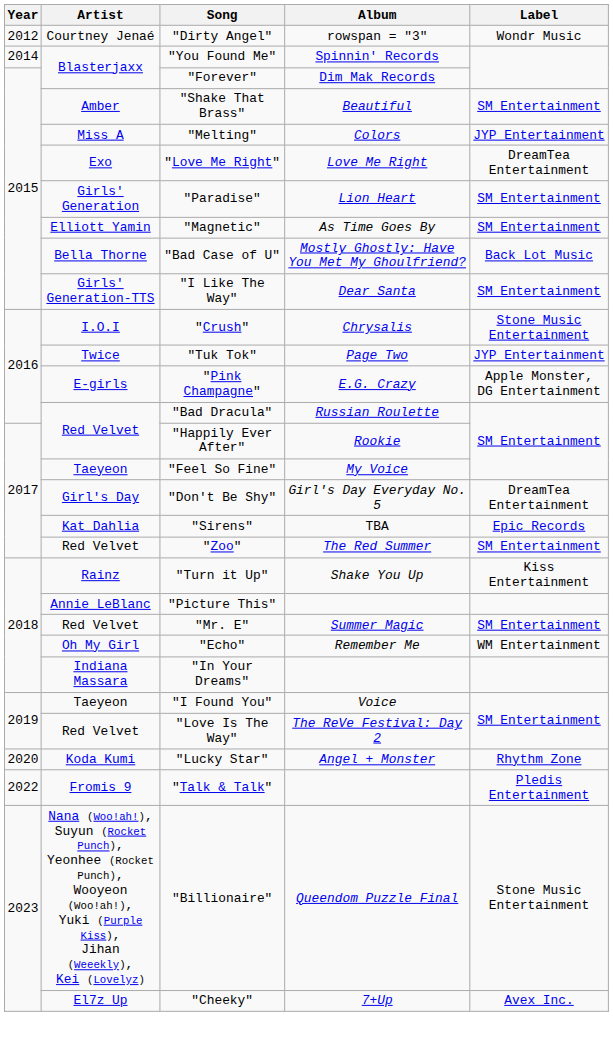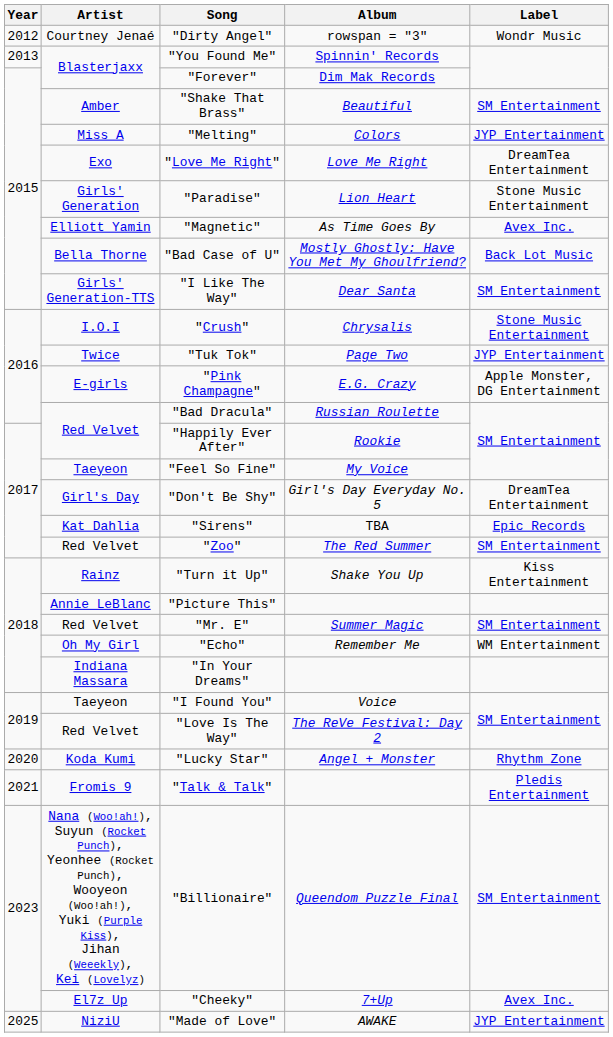 <table class="wikitable sortable plainrowheaders" style="text-align:center;">
 <tr>
 <th scope="col">Year</th>
 <th scope="col">Artist</th>
 <th scope="col">Song</th>
 <th scope="col">Album</th>
 <th scope="col">Label</th>
 </tr>
 <tr>
 <td>2012</td>
 <td>Courtney Jenaé</td>
 <td>"Dirty Angel"</td>
 <td>rowspan = "3" </td>
 <td>Wondr Music</td>
 </tr>
 <tr>
-<td>2014</td>
+<td>2013</td>
 <td rowspan="2"><a href='#'>Blasterjaxx</a></td>
 <td>"You Found Me"</td>
 <td><a href='#'>Spinnin' Records</a></td>
 </tr>
 <tr>
 <td rowspan="8">2015</td>
 <td>"Forever"</td>
 <td><a href='#'>Dim Mak Records</a></td>
 </tr>
 <tr>
 <td><a href='#'>Amber</a></td>
 <td>"Shake That Brass"</td>
 <td><em><a href='#'>Beautiful</a></em></td>
 <td><a href='#'>SM Entertainment</a></td>
 </tr>
 <tr>
 <td><a href='#'>Miss A</a></td>
 <td>"Melting"</td>
 <td><em><a href='#'>Colors</a></em></td>
 <td><a href='#'>JYP Entertainment</a></td>
 </tr>
 <tr>
 <td><a href='#'>Exo</a></td>
 <td>"<a href='#'>Love Me Right</a>"</td>
 <td><em><a href='#'>Love Me Right</a></em></td>
 <td>DreamTea Entertainment</td>
 </tr>
 <tr>
 <td><a href='#'>Girls' Generation</a></td>
 <td>"Paradise"</td>
 <td><em><a href='#'>Lion Heart</a></em></td>
-<td><a href='#'>SM Entertainment</a></td>
+<td>Stone Music Entertainment</td>
 </tr>
 <tr>
 <td><a href='#'>Elliott Yamin</a></td>
 <td>"Magnetic"</td>
 <td><em>As Time Goes By</em></td>
-<td><a href='#'>SM Entertainment</a></td>
+<td><a href='#'>Avex Inc.</a></td>
 </tr>
 <tr>
 <td><a href='#'>Bella Thorne</a></td>
 <td>"Bad Case of U"</td>
 <td><em><a href='#'>Mostly Ghostly: Have You Met My Ghoulfriend?</a></em></td>
 <td><a href='#'>Back Lot Music</a></td>
 </tr>
 <tr>
 <td><a href='#'>Girls' Generation-TTS</a></td>
 <td>"I Like The Way"</td>
 <td><em><a href='#'>Dear Santa</a></em></td>
 <td><a href='#'>SM Entertainment</a></td>
 </tr>
 <tr>
 <td rowspan="4">2016</td>
 <td><a href='#'>I.O.I</a></td>
 <td>"<a href='#'>Crush</a>"</td>
 <td><em><a href='#'>Chrysalis</a></em></td>
 <td><a href='#'>Stone Music Entertainment</a></td>
 </tr>
 <tr>
 <td><a href='#'>Twice</a></td>
 <td>"Tuk Tok"</td>
 <td><em><a href='#'>Page Two</a></em></td>
 <td><a href='#'>JYP Entertainment</a></td>
 </tr>
 <tr>
 <td><a href='#'>E-girls</a></td>
 <td>"<a href='#'>Pink Champagne</a>"</td>
 <td><em><a href='#'>E.G. Crazy</a></em></td>
 <td>Apple Monster,<br>DG Entertainment</td>
 </tr>
 <tr>
 <td rowspan="2"><a href='#'>Red Velvet</a></td>
 <td>"Bad Dracula"</td>
 <td><a href='#'><em>Russian Roulette</em></a></td>
 <td rowspan="3"><a href='#'>SM Entertainment</a></td>
 </tr>
 <tr>
 <td rowspan="5">2017</td>
 <td>"Happily Ever After"</td>
 <td><a href='#'><em>Rookie</em></a></td>
 </tr>
 <tr>
 <td><a href='#'>Taeyeon</a></td>
 <td>"Feel So Fine"</td>
 <td><a href='#'><em>My Voice</em></a></td>
 </tr>
 <tr>
 <td><a href='#'>Girl's Day</a></td>
 <td>"Don't Be Shy"</td>
 <td><em>Girl's Day Everyday No. 5</em></td>
 <td>DreamTea Entertainment</td>
 </tr>
 <tr>
 <td><a href='#'>Kat Dahlia</a></td>
 <td>"Sirens"</td>
 <td>TBA</td>
 <td><a href='#'>Epic Records</a></td>
 </tr>
 <tr>
 <td>Red Velvet</td>
 <td>"<a href='#'>Zoo</a>"</td>
 <td><a href='#'><em>The Red Summer</em></a></td>
 <td><a href='#'>SM Entertainment</a></td>
 </tr>
 <tr>
 <td rowspan="5">2018</td>
 <td><a href='#'>Rainz</a></td>
 <td>"Turn it Up"</td>
 <td><em>Shake You Up</em></td>
 <td>Kiss Entertainment</td>
 </tr>
 <tr>
 <td><a href='#'>Annie LeBlanc</a></td>
 <td>"Picture This"</td>
 <td></td>
 <td></td>
 </tr>
 <tr>
 <td>Red Velvet</td>
 <td>"Mr. E"</td>
 <td><a href='#'><em>Summer Magic</em></a></td>
 <td><a href='#'>SM Entertainment</a></td>
 </tr>
 <tr>
 <td><a href='#'>Oh My Girl</a></td>
 <td>"Echo"</td>
 <td><em>Remember Me</em></td>
 <td>WM Entertainment</td>
 </tr>
 <tr>
 <td><a href='#'>Indiana Massara</a></td>
 <td>"In Your Dreams"</td>
 <td></td>
 <td></td>
 </tr>
 <tr>
 <td rowspan="2">2019</td>
 <td>Taeyeon</td>
 <td>"I Found You"</td>
 <td><em>Voice</em></td>
 <td rowspan="2"><a href='#'>SM Entertainment</a></td>
 </tr>
 <tr>
 <td>Red Velvet</td>
 <td>"Love Is The Way"</td>
 <td><em><a href='#'>The ReVe Festival: Day 2</a></em></td>
 </tr>
 <tr>
 <td>2020</td>
 <td><a href='#'>Koda Kumi</a></td>
 <td>"Lucky Star"</td>
 <td><em><a href='#'>Angel + Monster</a></em></td>
 <td><a href='#'>Rhythm Zone</a></td>
 </tr>
 <tr>
-<td rowspan="1">2022</td>
+<td rowspan="1">2021</td>
 <td><a href='#'>Fromis 9</a></td>
 <td>"<a href='#'>Talk & Talk</a>"</td>
 <td></td>
 <td><a href='#'>Pledis Entertainment</a></td>
 </tr>
 <tr>
 <td rowspan="2">2023</td>
 <td><a href='#'>Nana</a> <small>(<a href='#'>Woo!ah!</a>)</small>,<br>Suyun <small>(<a href='#'>Rocket Punch</a>)</small>,<br>Yeonhee <small>(Rocket Punch)</small>,<br>Wooyeon <small>(Woo!ah!)</small>,<br>Yuki <small>(<a href='#'>Purple Kiss</a>)</small>,<br>Jihan <small>(<a href='#'>Weeekly</a>)</small>,<br><a href='#'>Kei</a> <small>(<a href='#'>Lovelyz</a>)</small></td>
 <td>"Billionaire"</td>
 <td><em><a href='#'>Queendom Puzzle Final</a></em></td>
-<td>Stone Music Entertainment</td>
+<td><a href='#'>SM Entertainment</a></td>
 </tr>
 <tr>
 <td><a href='#'>El7z Up</a></td>
 <td>"Cheeky"</td>
 <td><em><a href='#'>7+Up</a></em></td>
 <td><a href='#'>Avex Inc.</a></td>
 </tr>
+<tr>
+<td rowspan="1">2025</td>
+<td><a href='#'>NiziU</a></td>
+<td>"Made of Love"</td>
+<td><em>AWAKE</em></td>
+<td><a href='#'>JYP Entertainment</a></td>
+</tr>
 </table>
